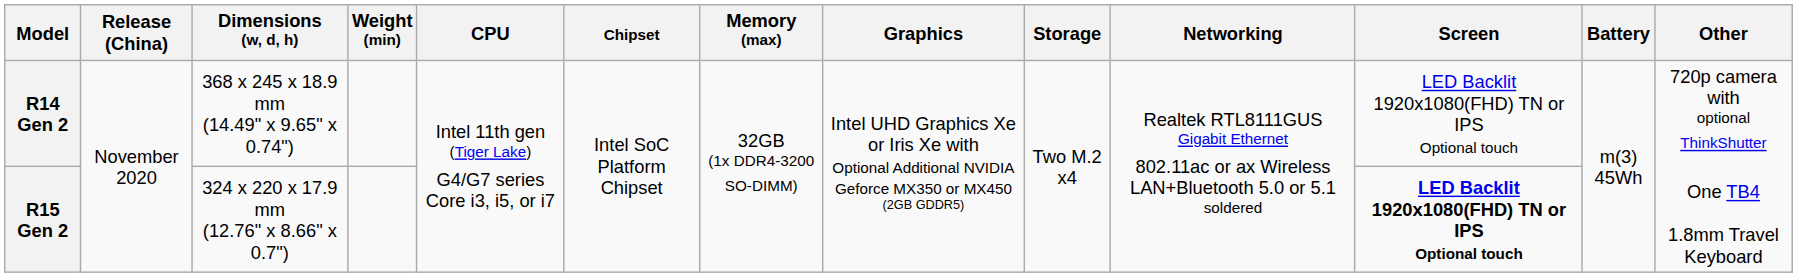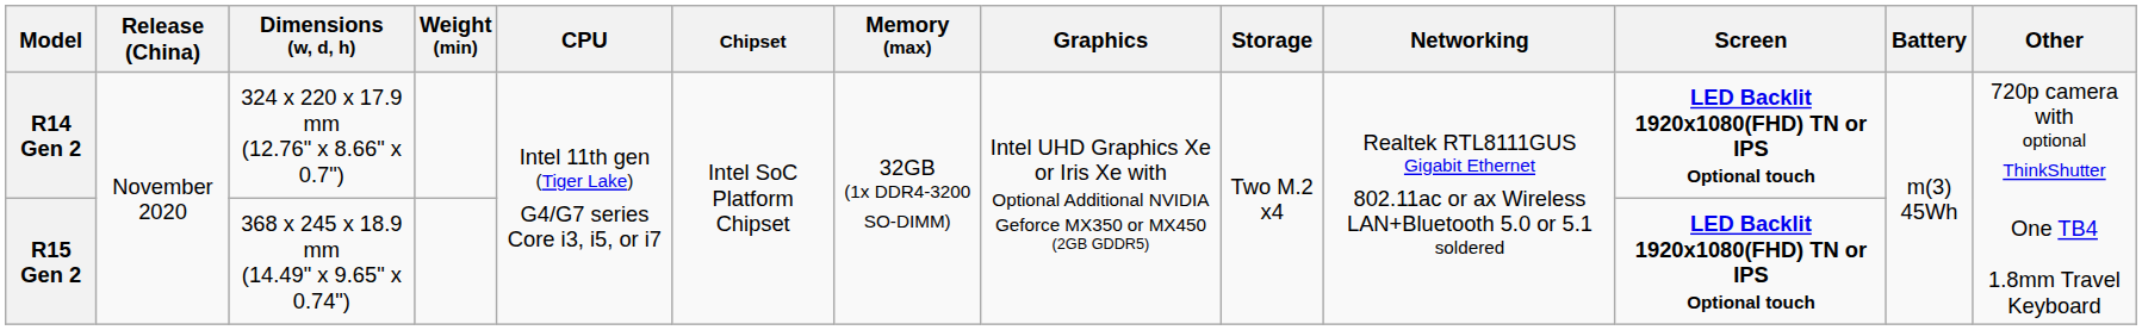 <table class="wikitable" style="font-size:80%; text-align:center">
 <tr>
 <th>Model</th>
 <th>Release<br>(China)</th>
 <th>Dimensions <br><sup>(w, d, h)</sup></th>
 <th>Weight <br><sup>(min)</sup></th>
 <th>CPU</th>
 <th><small>Chipset</small></th>
 <th>Memory <br><sup>(max)</sup></th>
 <th>Graphics</th>
 <th>Storage</th>
 <th>Networking</th>
 <th>Screen</th>
 <th>Battery</th>
 <th>Other</th>
 </tr>
 <tr>
 <th>R14 Gen 2 </th>
 <td rowspan="2">November 2020</td>
-<td>368 x 245 x 18.9 mm <br>(14.49" x 9.65" x 0.74")</td>
+<td>324 x 220 x 17.9 mm <br>(12.76" x 8.66" x 0.7")</td>
 <td></td>
 <td rowspan="2" style="background=">Intel 11th gen <br><sup>(<a href='#'>Tiger Lake</a>)</sup> <br>G4/G7 series Core i3, i5, or i7</td>
 <td rowspan="2">Intel SoC Platform Chipset</td>
 <td rowspan="2" style="background:">32GB <br><sup>(1x DDR4-3200 SO-DIMM)</sup></td>
 <td rowspan="2" style="background:">Intel UHD Graphics Xe or Iris Xe with <br><small>Optional Additional NVIDIA Geforce MX350 or MX450 <br><sup>(2GB GDDR5)</sup></small></td>
 <td rowspan="2" style="background:">Two M.2 x4</td>
 <td rowspan="2">Realtek RTL8111GUS <br><sup><a href='#'>Gigabit Ethernet</a></sup> <br>802.11ac or ax Wireless LAN+Bluetooth 5.0 or 5.1<br><sup>soldered</sup></td>
-<td style="background:"><a href='#'>LED Backlit</a> 1920x1080(FHD) TN or IPS <br><small>Optional touch</small></td>
+<td style="background:"><strong><a href='#'>LED Backlit</a> 1920x1080(FHD) TN or IPS <br><small>Optional touch</small></strong></td>
 <td rowspan="2" style="background:">m(3) <br>45Wh</td>
 <td rowspan="2">720p camera with <br><sup>optional <a href='#'>ThinkShutter</a></sup> <br><br>One <a href='#'>TB4</a> <br><br>1.8mm Travel Keyboard</td>
 </tr>
 <tr>
 <th>R15 Gen 2  </th>
-<td>324 x 220 x 17.9 mm <br>(12.76" x 8.66" x 0.7")</td>
+<td>368 x 245 x 18.9 mm <br>(14.49" x 9.65" x 0.74")</td>
 <td></td>
 <td style="background:"><strong><a href='#'>LED Backlit</a> 1920x1080(FHD) TN or IPS <br><small>Optional touch</small></strong></td>
 </tr>
 </table>
